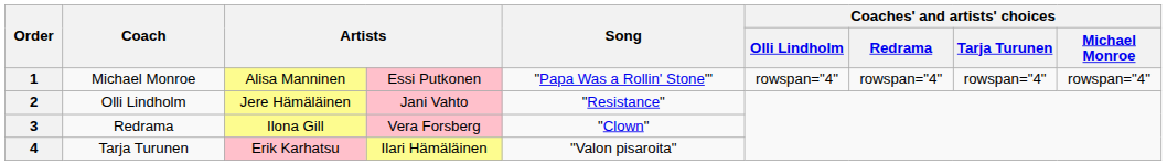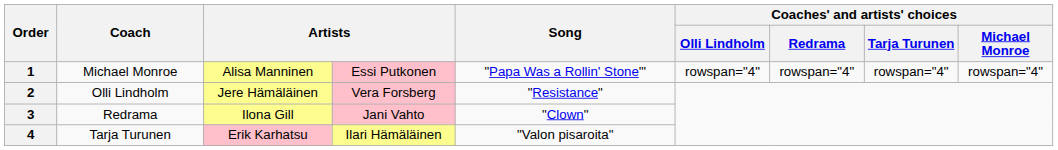 <table class="wikitable" style="text-align:center; width:100%;">
 <tr>
 <th scope="col" style="width:05%;" rowspan=2>Order</th>
 <th scope="col" style="width:14%;" rowspan=2>Coach</th>
 <th scope="col" style="width:24%;" colspan=2 rowspan=2>Artists</th>
 <th scope="col" style="width:21%;" rowspan=2>Song</th>
 <th scope="col" style="width:36%;" colspan=4>Coaches' and artists' choices</th>
 </tr>
 <tr>
 <th style="width:09%;"><a href='#'>Olli Lindholm</a></th>
 <th style="width:09%;"><a href='#'>Redrama</a></th>
 <th style="width:09%;"><a href='#'>Tarja Turunen</a></th>
 <th style="width:09%;"><a href='#'>Michael Monroe</a></th>
 </tr>
 <tr>
 <th scope="col">1</th>
 <td>Michael Monroe</td>
 <td style="background:#fdfc8f; text-align:center;">Alisa Manninen</td>
 <td style="background:pink; text-align:center;">Essi Putkonen</td>
 <td>"<a href='#'>Papa Was a Rollin' Stone</a>'"</td>
 <td>rowspan="4" </td>
 <td>rowspan="4" </td>
 <td>rowspan="4" </td>
 <td>rowspan="4" </td>
 </tr>
 <tr>
 <th scope="col">2</th>
 <td>Olli Lindholm</td>
 <td style="background:#fdfc8f; text-align:center;">Jere Hämäläinen</td>
-<td style="background:pink; text-align:center;">Jani Vahto</td>
+<td style="background:pink; text-align:center;">Vera Forsberg</td>
 <td>"<a href='#'>Resistance</a>"</td>
 </tr>
 <tr>
 <th scope="col">3</th>
 <td>Redrama</td>
 <td style="background:#fdfc8f; text-align:center;">Ilona Gill</td>
-<td style="background:pink; text-align:center;">Vera Forsberg</td>
+<td style="background:pink; text-align:center;">Jani Vahto</td>
 <td>"<a href='#'>Clown</a>"</td>
 </tr>
 <tr>
 <th scope="col">4</th>
 <td>Tarja Turunen</td>
 <td style="background:pink; text-align:center;">Erik Karhatsu</td>
 <td style="background:#fdfc8f; text-align:center;">Ilari Hämäläinen</td>
 <td>"Valon pisaroita"</td>
 </tr>
 </table>
